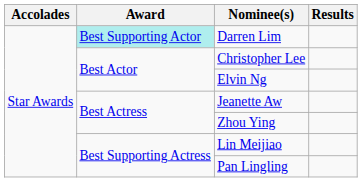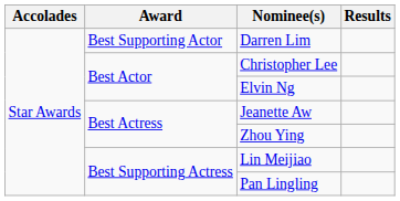 <table class="wikitable">
 <tr>
 <th>Accolades</th>
 <th>Award</th>
 <th>Nominee(s)</th>
 <th>Results</th>
 </tr>
 <tr>
 <td rowspan="7"><a href='#'>Star Awards</a></td>
-<td style="background: paleturquoise;"><a href='#'>Best Supporting Actor</a></td>
+<td><a href='#'>Best Supporting Actor</a></td>
 <td><a href='#'>Darren Lim</a></td>
 <td></td>
 </tr>
 <tr>
 <td rowspan="2"><a href='#'>Best Actor</a></td>
 <td><a href='#'>Christopher Lee</a></td>
 <td></td>
 </tr>
 <tr>
 <td><a href='#'>Elvin Ng</a></td>
 <td></td>
 </tr>
 <tr>
 <td rowspan="2"><a href='#'>Best Actress</a></td>
 <td><a href='#'>Jeanette Aw</a></td>
 <td></td>
 </tr>
 <tr>
 <td><a href='#'>Zhou Ying</a></td>
 <td></td>
 </tr>
 <tr>
 <td rowspan="2"><a href='#'>Best Supporting Actress</a></td>
 <td><a href='#'>Lin Meijiao</a></td>
 <td></td>
 </tr>
 <tr>
 <td><a href='#'>Pan Lingling</a></td>
 <td></td>
 </tr>
 </table>
